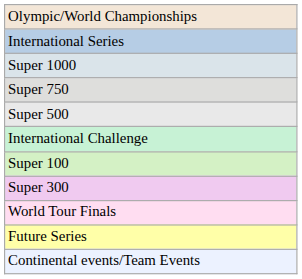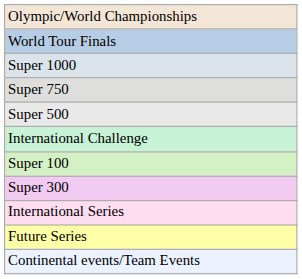 <table class="wikitable" style="font-size:80%; width:20%">
 <tr bgcolor="#F3E6D7">
 <td>Olympic/World Championships</td>
 </tr>
 <tr bgcolor="#B6CDE5">
-<td>International Series</td>
+<td>World Tour Finals</td>
 </tr>
 <tr bgcolor="#DAE4EA">
 <td>Super 1000</td>
 </tr>
 <tr bgcolor="#DEDEDC">
 <td>Super 750</td>
 </tr>
 <tr bgcolor="#E9E9E9">
 <td>Super 500</td>
 </tr>
 <tr bgcolor="#C7F2D5">
 <td>International Challenge</td>
 </tr>
 <tr bgcolor="#D4F1C5">
 <td>Super 100</td>
 </tr>
 <tr bgcolor="#F0CAF0">
 <td>Super 300</td>
 </tr>
 <tr bgcolor="#FFDDF1">
-<td>World Tour Finals</td>
+<td>International Series</td>
 </tr>
 <tr bgcolor="#FFFFA8">
 <td>Future Series</td>
 </tr>
 <tr bgcolor="#ECF2FF">
 <td>Continental events/Team Events</td>
 </tr>
 </table>
